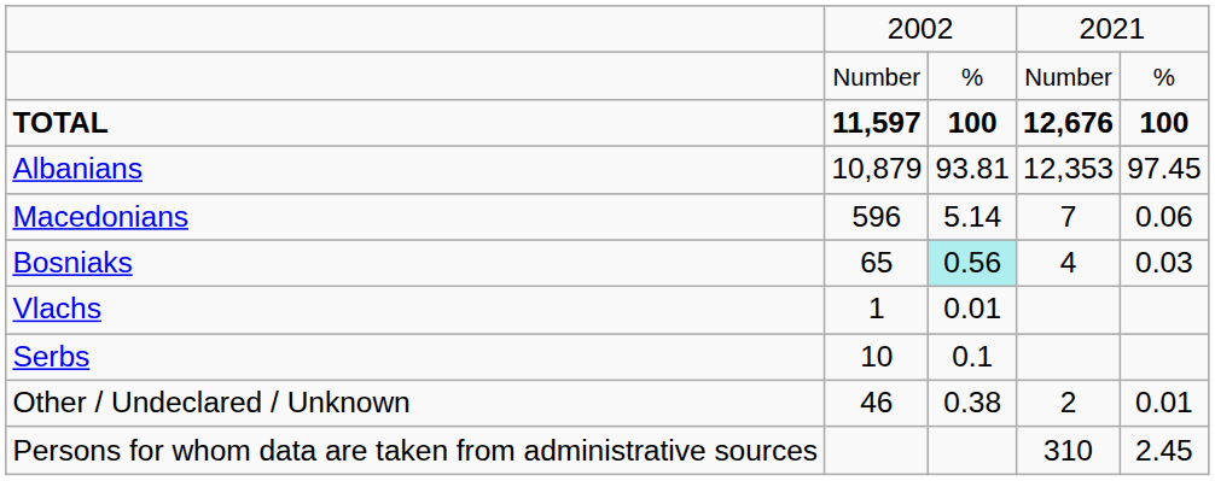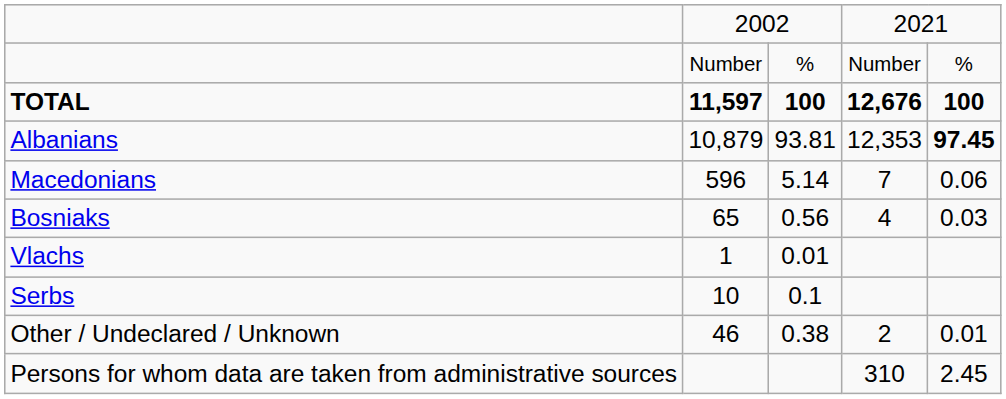 <table class="wikitable">
 <tr>
 <td></td>
 <td colspan="2" align="center">2002</td>
 <td colspan="2" align="center">2021</td>
 </tr>
 <tr>
 <td></td>
 <td align="center"><small>Number</small></td>
 <td align="center"><small>%</small></td>
 <td align="center"><small>Number</small></td>
 <td align="center"><small>%</small></td>
 </tr>
 <tr>
 <td><strong>TOTAL</strong></td>
 <td align="center"><strong>11,597</strong></td>
 <td align="center"><strong>100</strong></td>
 <td align="center"><strong>12,676</strong></td>
 <td align="center"><strong>100</strong></td>
 </tr>
 <tr>
 <td><a href='#'>Albanians</a></td>
 <td align="center">10,879</td>
 <td align="center">93.81</td>
 <td align="center">12,353</td>
-<td align="center">97.45</td>
+<td align="center"><strong>97.45</strong></td>
 </tr>
 <tr>
 <td><a href='#'>Macedonians</a></td>
 <td align="center">596</td>
 <td align="center">5.14</td>
 <td align="center">7</td>
 <td align="center">0.06</td>
 </tr>
 <tr>
 <td><a href='#'>Bosniaks</a></td>
 <td align="center">65</td>
-<td align="center" style="background: paleturquoise;">0.56</td>
+<td align="center">0.56</td>
 <td align="center">4</td>
 <td align="center">0.03</td>
 </tr>
 <tr>
 <td><a href='#'>Vlachs</a></td>
 <td align="center">1</td>
 <td align="center">0.01</td>
 <td align="center"></td>
 <td align="center"></td>
 </tr>
 <tr>
 <td><a href='#'>Serbs</a></td>
 <td align="center">10</td>
 <td align="center">0.1</td>
 <td align="center"></td>
 <td align="center"></td>
 </tr>
 <tr>
 <td>Other / Undeclared / Unknown</td>
 <td align="center">46</td>
 <td align="center">0.38</td>
 <td align="center">2</td>
 <td align="center">0.01</td>
 </tr>
 <tr>
 <td>Persons for whom data are taken from administrative sources</td>
 <td align="center"></td>
 <td align="center"></td>
 <td align="center">310</td>
 <td align="center">2.45</td>
 </tr>
 </table>
